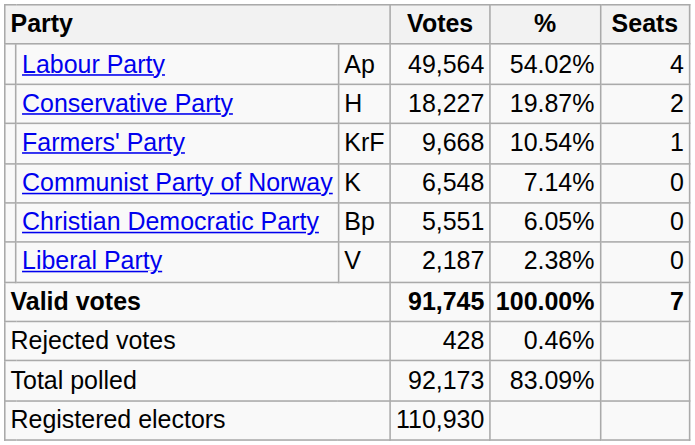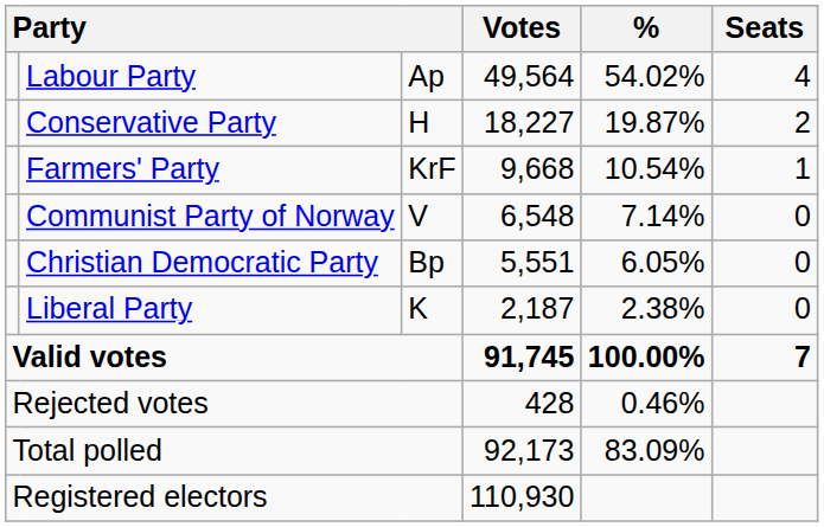 <table class="wikitable" border="1" style="text-align:right;">
 <tr>
 <th style="text-align:left;" colspan=3>Party</th>
 <th align=center width="50">Votes</th>
 <th align=center width="50">%</th>
 <th align=center width="50">Seats</th>
 </tr>
 <tr>
 <td style="color:inherit;background:"></td>
 <td align=left><a href='#'>Labour Party</a></td>
 <td align=left>Ap</td>
 <td>49,564</td>
 <td>54.02%</td>
 <td>4</td>
 </tr>
 <tr>
 <td style="color:inherit;background:"></td>
 <td align=left><a href='#'>Conservative Party</a></td>
 <td align=left>H</td>
 <td>18,227</td>
 <td>19.87%</td>
 <td>2</td>
 </tr>
 <tr>
 <td style="color:inherit;background:"></td>
 <td align=left><a href='#'>Farmers' Party</a></td>
 <td align=left>KrF</td>
 <td>9,668</td>
 <td>10.54%</td>
 <td>1</td>
 </tr>
 <tr>
 <td style="color:inherit;background:"></td>
 <td align=left><a href='#'>Communist Party of Norway</a></td>
-<td align=left>K</td>
+<td align=left>V</td>
 <td>6,548</td>
 <td>7.14%</td>
 <td>0</td>
 </tr>
 <tr>
 <td style="color:inherit;background:"></td>
 <td align=left><a href='#'>Christian Democratic Party</a></td>
 <td align=left>Bp</td>
 <td>5,551</td>
 <td>6.05%</td>
 <td>0</td>
 </tr>
 <tr>
 <td style="color:inherit;background:"></td>
 <td align=left><a href='#'>Liberal Party</a></td>
-<td align=left>V</td>
+<td align=left>K</td>
 <td>2,187</td>
 <td>2.38%</td>
 <td>0</td>
 </tr>
 <tr style="font-weight:bold">
 <td align=left colspan=3>Valid votes</td>
 <td>91,745</td>
 <td>100.00%</td>
 <td>7</td>
 </tr>
 <tr>
 <td align=left colspan=3>Rejected votes</td>
 <td>428</td>
 <td>0.46%</td>
 <td></td>
 </tr>
 <tr>
 <td align=left colspan=3>Total polled</td>
 <td>92,173</td>
 <td>83.09%</td>
 <td></td>
 </tr>
 <tr>
 <td align=left colspan=3>Registered electors</td>
 <td>110,930</td>
 <td></td>
 <td></td>
 </tr>
 </table>
